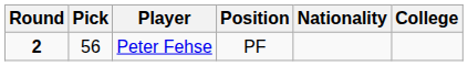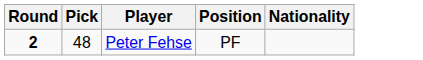 <table class="wikitable sortable sortable">
 <tr>
 <th>Round</th>
 <th>Pick</th>
 <th>Player</th>
 <th>Position</th>
 <th>Nationality</th>
-<th>College</th>
 </tr>
 <tr style="text-align: center">
 <td><strong>2</strong></td>
-<td>56</td>
+<td>48</td>
 <td><a href='#'>Peter Fehse</a></td>
 <td>PF</td>
 <td></td>
-<td></td>
 </tr>
 </table>
